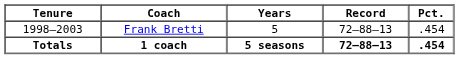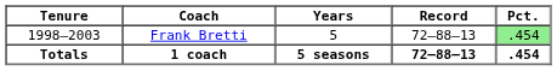 <table cellpadding="1" border="1" cellspacing="0" width="85%">
 <tr>
 <th>Tenure</th>
 <th>Coach</th>
 <th>Years</th>
 <th>Record</th>
 <th>Pct.</th>
 </tr>
 <tr align="center">
 <td>1998–2003</td>
 <td><a href='#'>Frank Bretti</a></td>
 <td>5</td>
 <td>72–88–13</td>
-<td>.454</td>
+<td style="background: lightgreen;">.454</td>
 </tr>
 <tr align="center">
 </tr>
 <tr align=center>
 <th>Totals</th>
 <th>1 coach</th>
 <th>5 seasons</th>
 <th>72–88–13</th>
 <th>.454</th>
 </tr>
 </table>
